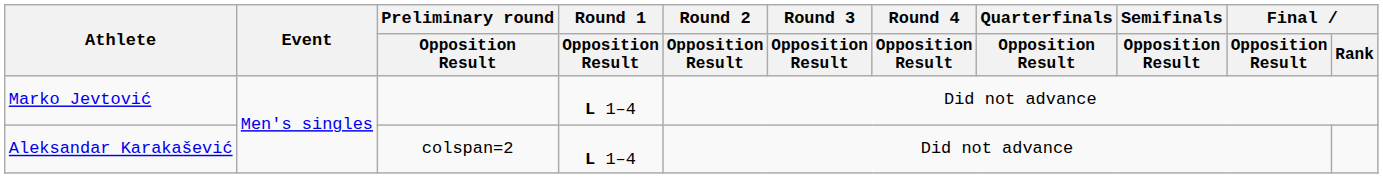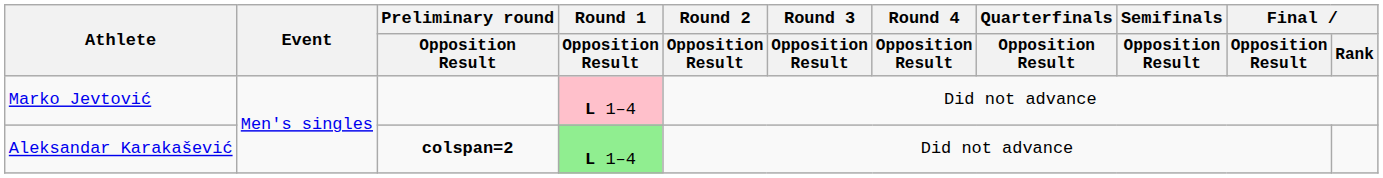 <table class="wikitable" style="font-size:90%">
 <tr>
 <th rowspan=2>Athlete</th>
 <th rowspan=2>Event</th>
 <th>Preliminary round</th>
 <th>Round 1</th>
 <th>Round 2</th>
 <th>Round 3</th>
 <th>Round 4</th>
 <th>Quarterfinals</th>
 <th>Semifinals</th>
 <th colspan=2>Final / </th>
 </tr>
 <tr style="font-size:95%">
 <th>Opposition<br>Result</th>
 <th>Opposition<br>Result</th>
 <th>Opposition<br>Result</th>
 <th>Opposition<br>Result</th>
 <th>Opposition<br>Result</th>
 <th>Opposition<br>Result</th>
 <th>Opposition<br>Result</th>
 <th>Opposition<br>Result</th>
 <th>Rank</th>
 </tr>
 <tr align=center>
 <td align=left><a href='#'>Marko Jevtović</a></td>
 <td align=left rowspan=2><a href='#'>Men's singles</a></td>
 <td></td>
-<td><br><strong>L</strong> 1–4</td>
+<td style="background: pink;"><br><strong>L</strong> 1–4</td>
 <td colspan=7>Did not advance</td>
 </tr>
 <tr align=center>
 <td align=left><a href='#'>Aleksandar Karakašević</a></td>
-<td>colspan=2 </td>
-<td><br><strong>L</strong> 1–4</td>
+<td><strong>colspan=2 </strong></td>
+<td style="background: lightgreen;"><br><strong>L</strong> 1–4</td>
 <td colspan=6>Did not advance</td>
 </tr>
 </table>
